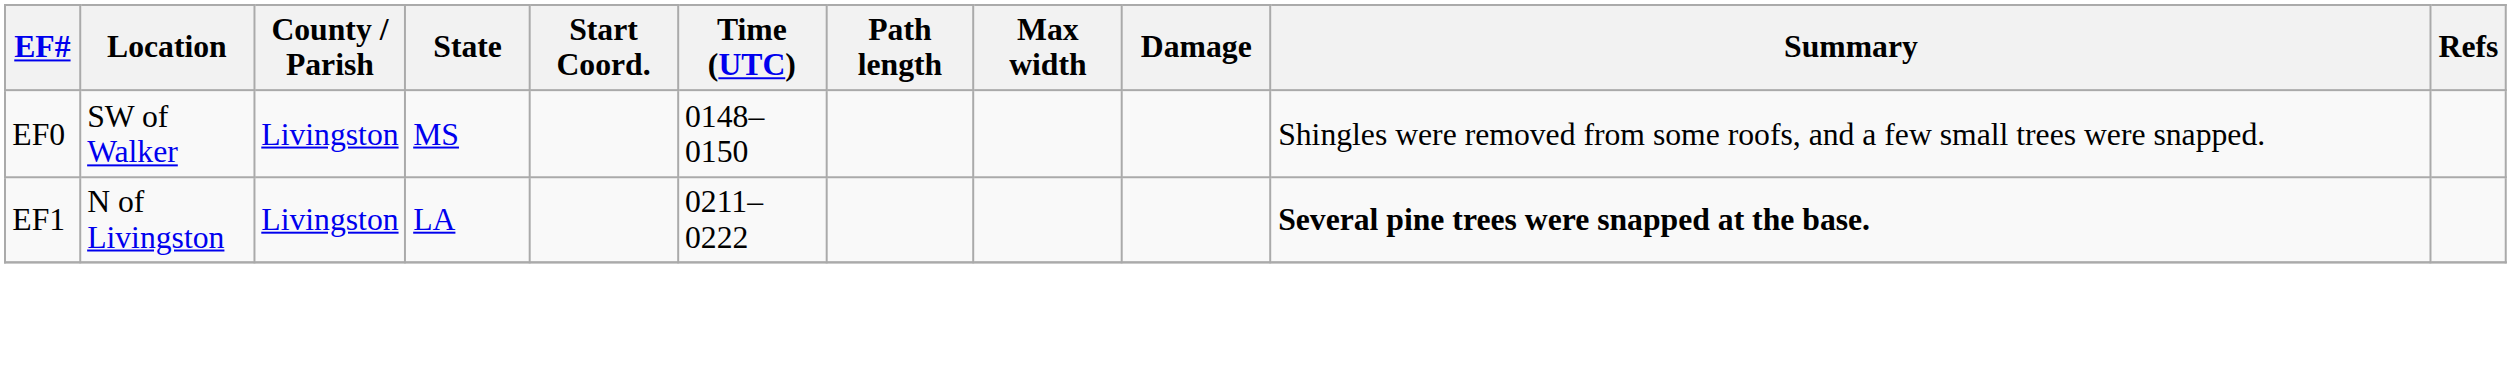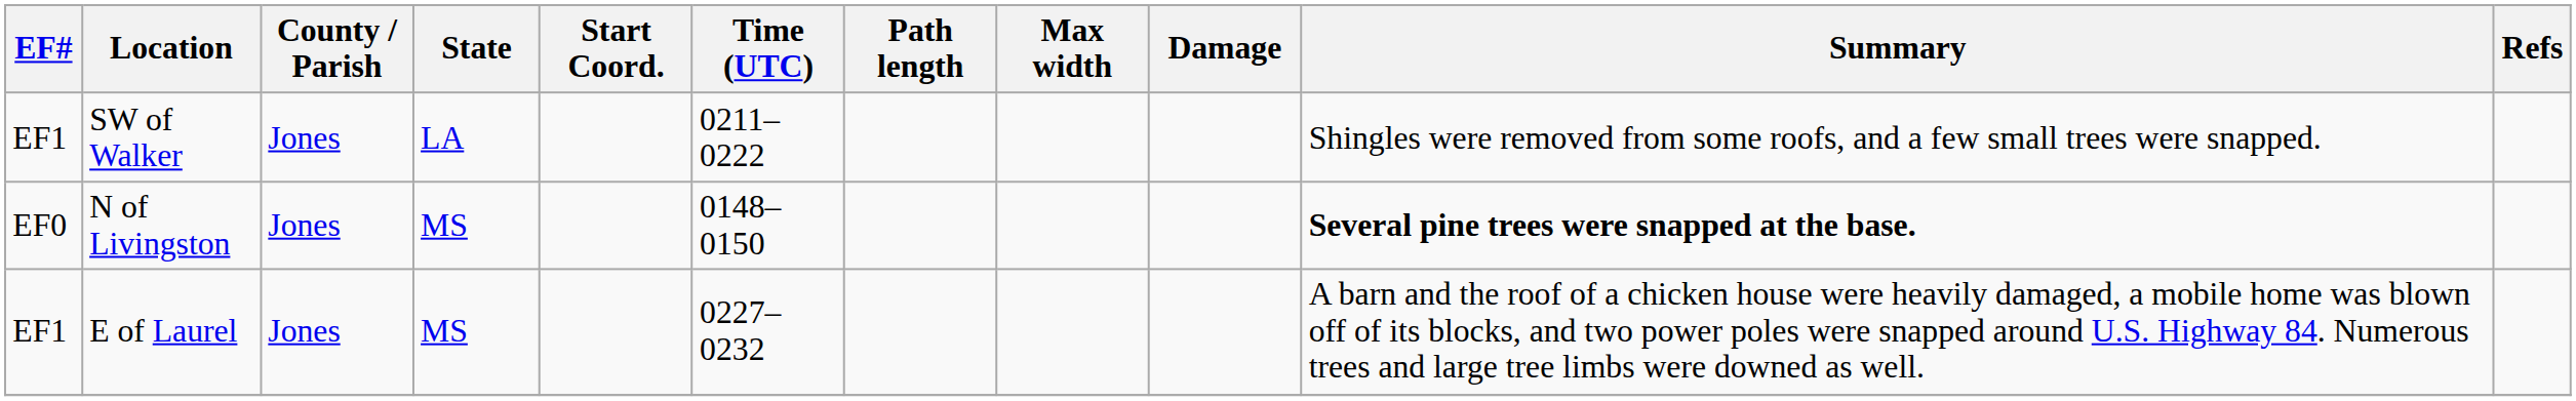 <table class="wikitable sortable" style="width:100%;">
 <tr>
 <th scope="col" width="3%" align="center"><a href='#'>EF#</a></th>
 <th scope="col" width="7%" align="center" class="unsortable">Location</th>
 <th scope="col" width="6%" align="center" class="unsortable">County / Parish</th>
 <th scope="col" width="5%" align="center">State</th>
 <th scope="col" width="6%" align="center">Start Coord.</th>
 <th scope="col" width="6%" align="center">Time (<a href='#'>UTC</a>)</th>
 <th scope="col" width="6%" align="center">Path length</th>
 <th scope="col" width="6%" align="center">Max width</th>
 <th scope="col" width="6%" align="center">Damage</th>
 <th scope="col" width="48%" class="unsortable" align="center">Summary</th>
 <th scope="col" width="48%" class="unsortable" align="center">Refs</th>
 </tr>
 <tr>
-<td>EF0</td>
+<td>EF1</td>
 <td>SW of <a href='#'>Walker</a></td>
-<td><a href='#'>Livingston</a></td>
-<td><a href='#'>MS</a></td>
+<td><a href='#'>Jones</a></td>
+<td><a href='#'>LA</a></td>
 <td></td>
-<td>0148–0150</td>
+<td>0211–0222</td>
 <td></td>
 <td></td>
 <td></td>
 <td>Shingles were removed from some roofs, and a few small trees were snapped.</td>
 <td></td>
 </tr>
 <tr>
-<td>EF1</td>
+<td>EF0</td>
 <td>N of <a href='#'>Livingston</a></td>
-<td><a href='#'>Livingston</a></td>
-<td><a href='#'>LA</a></td>
+<td><a href='#'>Jones</a></td>
+<td><a href='#'>MS</a></td>
 <td></td>
-<td>0211–0222</td>
+<td>0148–0150</td>
 <td></td>
 <td></td>
 <td></td>
 <td><strong>Several pine trees were snapped at the base.</strong></td>
 <td></td>
 </tr>
 <tr>
+<td>EF1</td>
+<td>E of <a href='#'>Laurel</a></td>
+<td><a href='#'>Jones</a></td>
+<td><a href='#'>MS</a></td>
+<td></td>
+<td>0227–0232</td>
+<td></td>
+<td></td>
+<td></td>
+<td>A barn and the roof of a chicken house were heavily damaged, a mobile home was blown off of its blocks, and two power poles were snapped around <a href='#'>U.S. Highway 84</a>. Numerous trees and large tree limbs were downed as well.</td>
+<td></td>
+</tr>
+<tr>
 </tr>
 </table>
